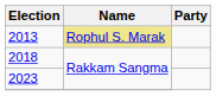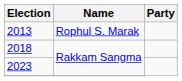 <table class="wikitable sortable">
 <tr>
 <th>Election</th>
 <th>Name</th>
 <th colspan=2>Party</th>
 </tr>
 <tr>
 <td><a href='#'>2013</a></td>
-<td style="background: khaki;"><a href='#'>Rophul S. Marak</a></td>
+<td><a href='#'>Rophul S. Marak</a></td>
 <td></td>
 </tr>
 <tr>
 <td><a href='#'>2018</a></td>
 <td rowspan=2><a href='#'>Rakkam Sangma</a></td>
 <td></td>
 </tr>
 <tr>
 <td><a href='#'>2023</a></td>
 </tr>
 <tr>
 </tr>
 </table>
